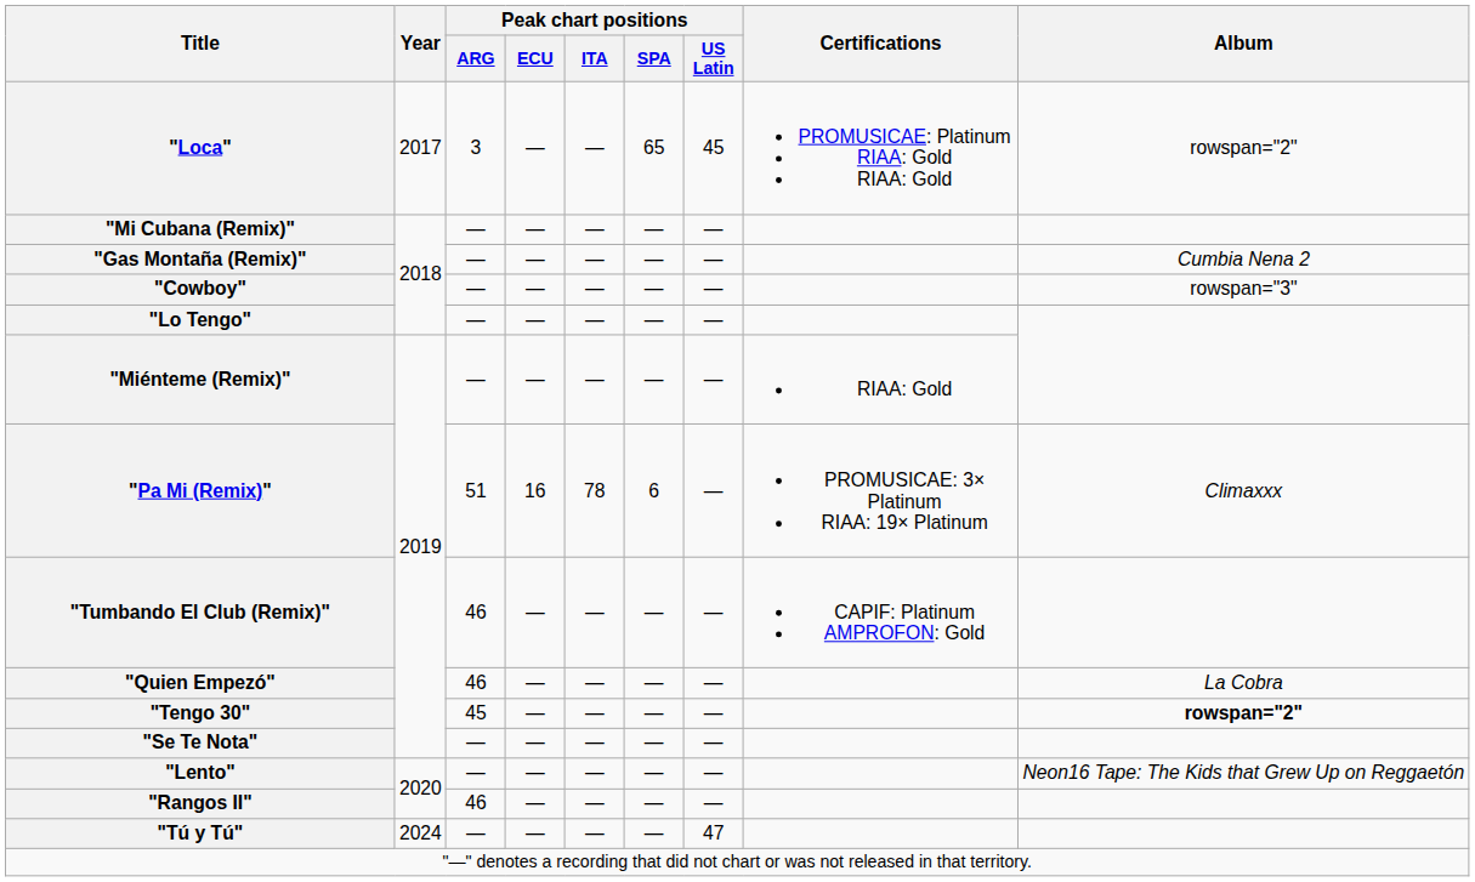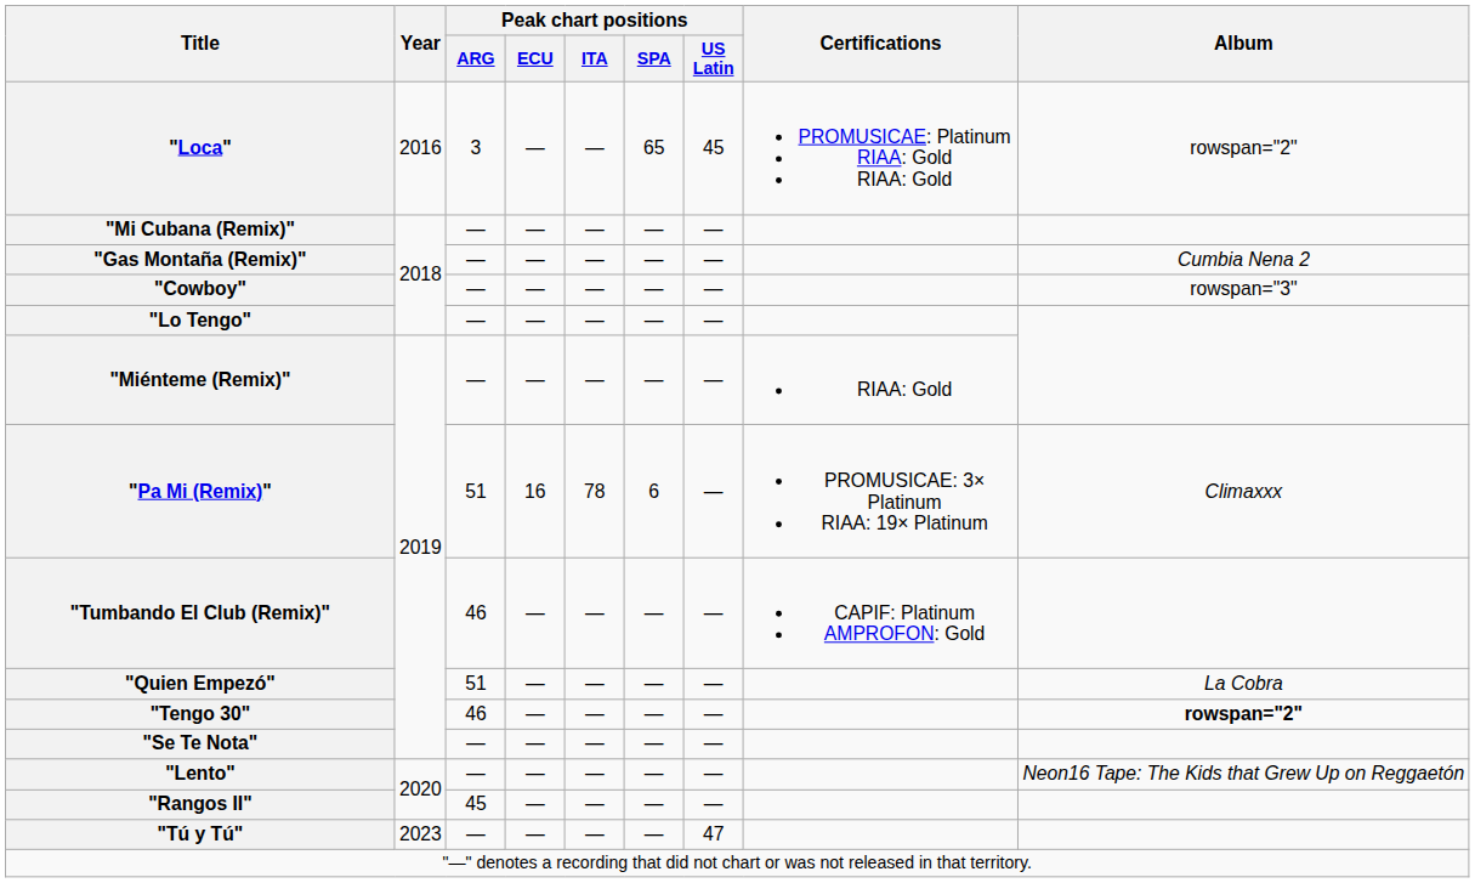 <table class="wikitable plainrowheaders" style="text-align:center;">
 <tr>
 <th scope="col" rowspan="2" style="width:20em;">Title</th>
 <th scope="col" rowspan="2">Year</th>
 <th scope="col" colspan="5">Peak chart positions</th>
 <th scope="col" rowspan="2" style="width:14em;">Certifications</th>
 <th scope="col" rowspan="2">Album</th>
 </tr>
 <tr>
 <th scope="col" style="width:3em;font-size:90%;"><a href='#'>ARG</a><br></th>
 <th scope="col" style="width:3em;font-size:90%;"><a href='#'>ECU</a><br></th>
 <th scope="col" style="width:3em;font-size:90%;"><a href='#'>ITA</a><br></th>
 <th scope="col" style="width:3em;font-size:90%;"><a href='#'>SPA</a><br></th>
 <th scope="col" style="width:3em;font-size:90%;"><a href='#'>US<br>Latin</a><br></th>
 </tr>
 <tr>
 <th scope="row">"<a href='#'>Loca</a>"<br></th>
-<td>2017</td>
+<td>2016</td>
 <td>3</td>
 <td>—</td>
 <td>—</td>
 <td>65</td>
 <td>45</td>
 <td><br><ul><li><a href='#'>PROMUSICAE</a>: Platinum</li><li><a href='#'>RIAA</a>: Gold </li><li>RIAA: Gold  </li></ul></td>
 <td>rowspan="2" </td>
 </tr>
 <tr>
 <th scope="row">"Mi Cubana (Remix)"<br></th>
 <td rowspan="4">2018</td>
 <td>—</td>
 <td>—</td>
 <td>—</td>
 <td>—</td>
 <td>—</td>
 <td></td>
 </tr>
 <tr>
 <th scope="row">"Gas Montaña (Remix)"<br></th>
 <td>—</td>
 <td>—</td>
 <td>—</td>
 <td>—</td>
 <td>—</td>
 <td></td>
 <td><em>Cumbia Nena 2</em></td>
 </tr>
 <tr>
 <th scope="row">"Cowboy"<br></th>
 <td>—</td>
 <td>—</td>
 <td>—</td>
 <td>—</td>
 <td>—</td>
 <td></td>
 <td>rowspan="3" </td>
 </tr>
 <tr>
 <th scope="row">"Lo Tengo"<br></th>
 <td>—</td>
 <td>—</td>
 <td>—</td>
 <td>—</td>
 <td>—</td>
 <td></td>
 </tr>
 <tr>
 <th scope="row">"Miénteme (Remix)"<br></th>
 <td rowspan="6">2019</td>
 <td>—</td>
 <td>—</td>
 <td>—</td>
 <td>—</td>
 <td>—</td>
 <td><br><ul><li>RIAA: Gold </li></ul></td>
 </tr>
 <tr>
 <th scope="row">"<a href='#'>Pa Mi (Remix)</a>"<br></th>
 <td>51</td>
 <td>16</td>
 <td>78</td>
 <td>6</td>
 <td>—</td>
 <td><br><ul><li>PROMUSICAE: 3× Platinum</li><li>RIAA: 19× Platinum </li></ul></td>
 <td><em>Climaxxx</em></td>
 </tr>
 <tr>
 <th scope="row">"Tumbando El Club (Remix)"<br></th>
 <td>46</td>
 <td>—</td>
 <td>—</td>
 <td>—</td>
 <td>—</td>
 <td><br><ul><li>CAPIF: Platinum</li><li><a href='#'>AMPROFON</a>: Gold</li></ul></td>
 <td></td>
 </tr>
 <tr>
 <th scope="row">"Quien Empezó"<br></th>
-<td>46</td>
+<td>51</td>
 <td>—</td>
 <td>—</td>
 <td>—</td>
 <td>—</td>
 <td></td>
 <td><em>La Cobra</em></td>
 </tr>
 <tr>
 <th scope="row">"Tengo 30"<br></th>
-<td>45</td>
+<td>46</td>
 <td>—</td>
 <td>—</td>
 <td>—</td>
 <td>—</td>
 <td></td>
 <td><strong>rowspan="2" </strong></td>
 </tr>
 <tr>
 <th scope="row">"Se Te Nota"<br></th>
 <td>—</td>
 <td>—</td>
 <td>—</td>
 <td>—</td>
 <td>—</td>
 <td></td>
 </tr>
 <tr>
 <th scope="row">"Lento"<br></th>
 <td rowspan="2">2020</td>
 <td>—</td>
 <td>—</td>
 <td>—</td>
 <td>—</td>
 <td>—</td>
 <td></td>
 <td><em>Neon16 Tape: The Kids that Grew Up on Reggaetón</em></td>
 </tr>
 <tr>
 <th scope="row">"Rangos II"<br></th>
-<td>46</td>
+<td>45</td>
 <td>—</td>
 <td>—</td>
 <td>—</td>
 <td>—</td>
 <td></td>
 <td></td>
 </tr>
 <tr>
 <th scope="row">"Tú y Tú"<br></th>
-<td>2024</td>
+<td>2023</td>
 <td>—</td>
 <td>—</td>
 <td>—</td>
 <td>—</td>
 <td>47</td>
 <td></td>
 <td></td>
 </tr>
 <tr>
 <td colspan="14" style="font-size:90%">"—" denotes a recording that did not chart or was not released in that territory.</td>
 </tr>
 </table>
